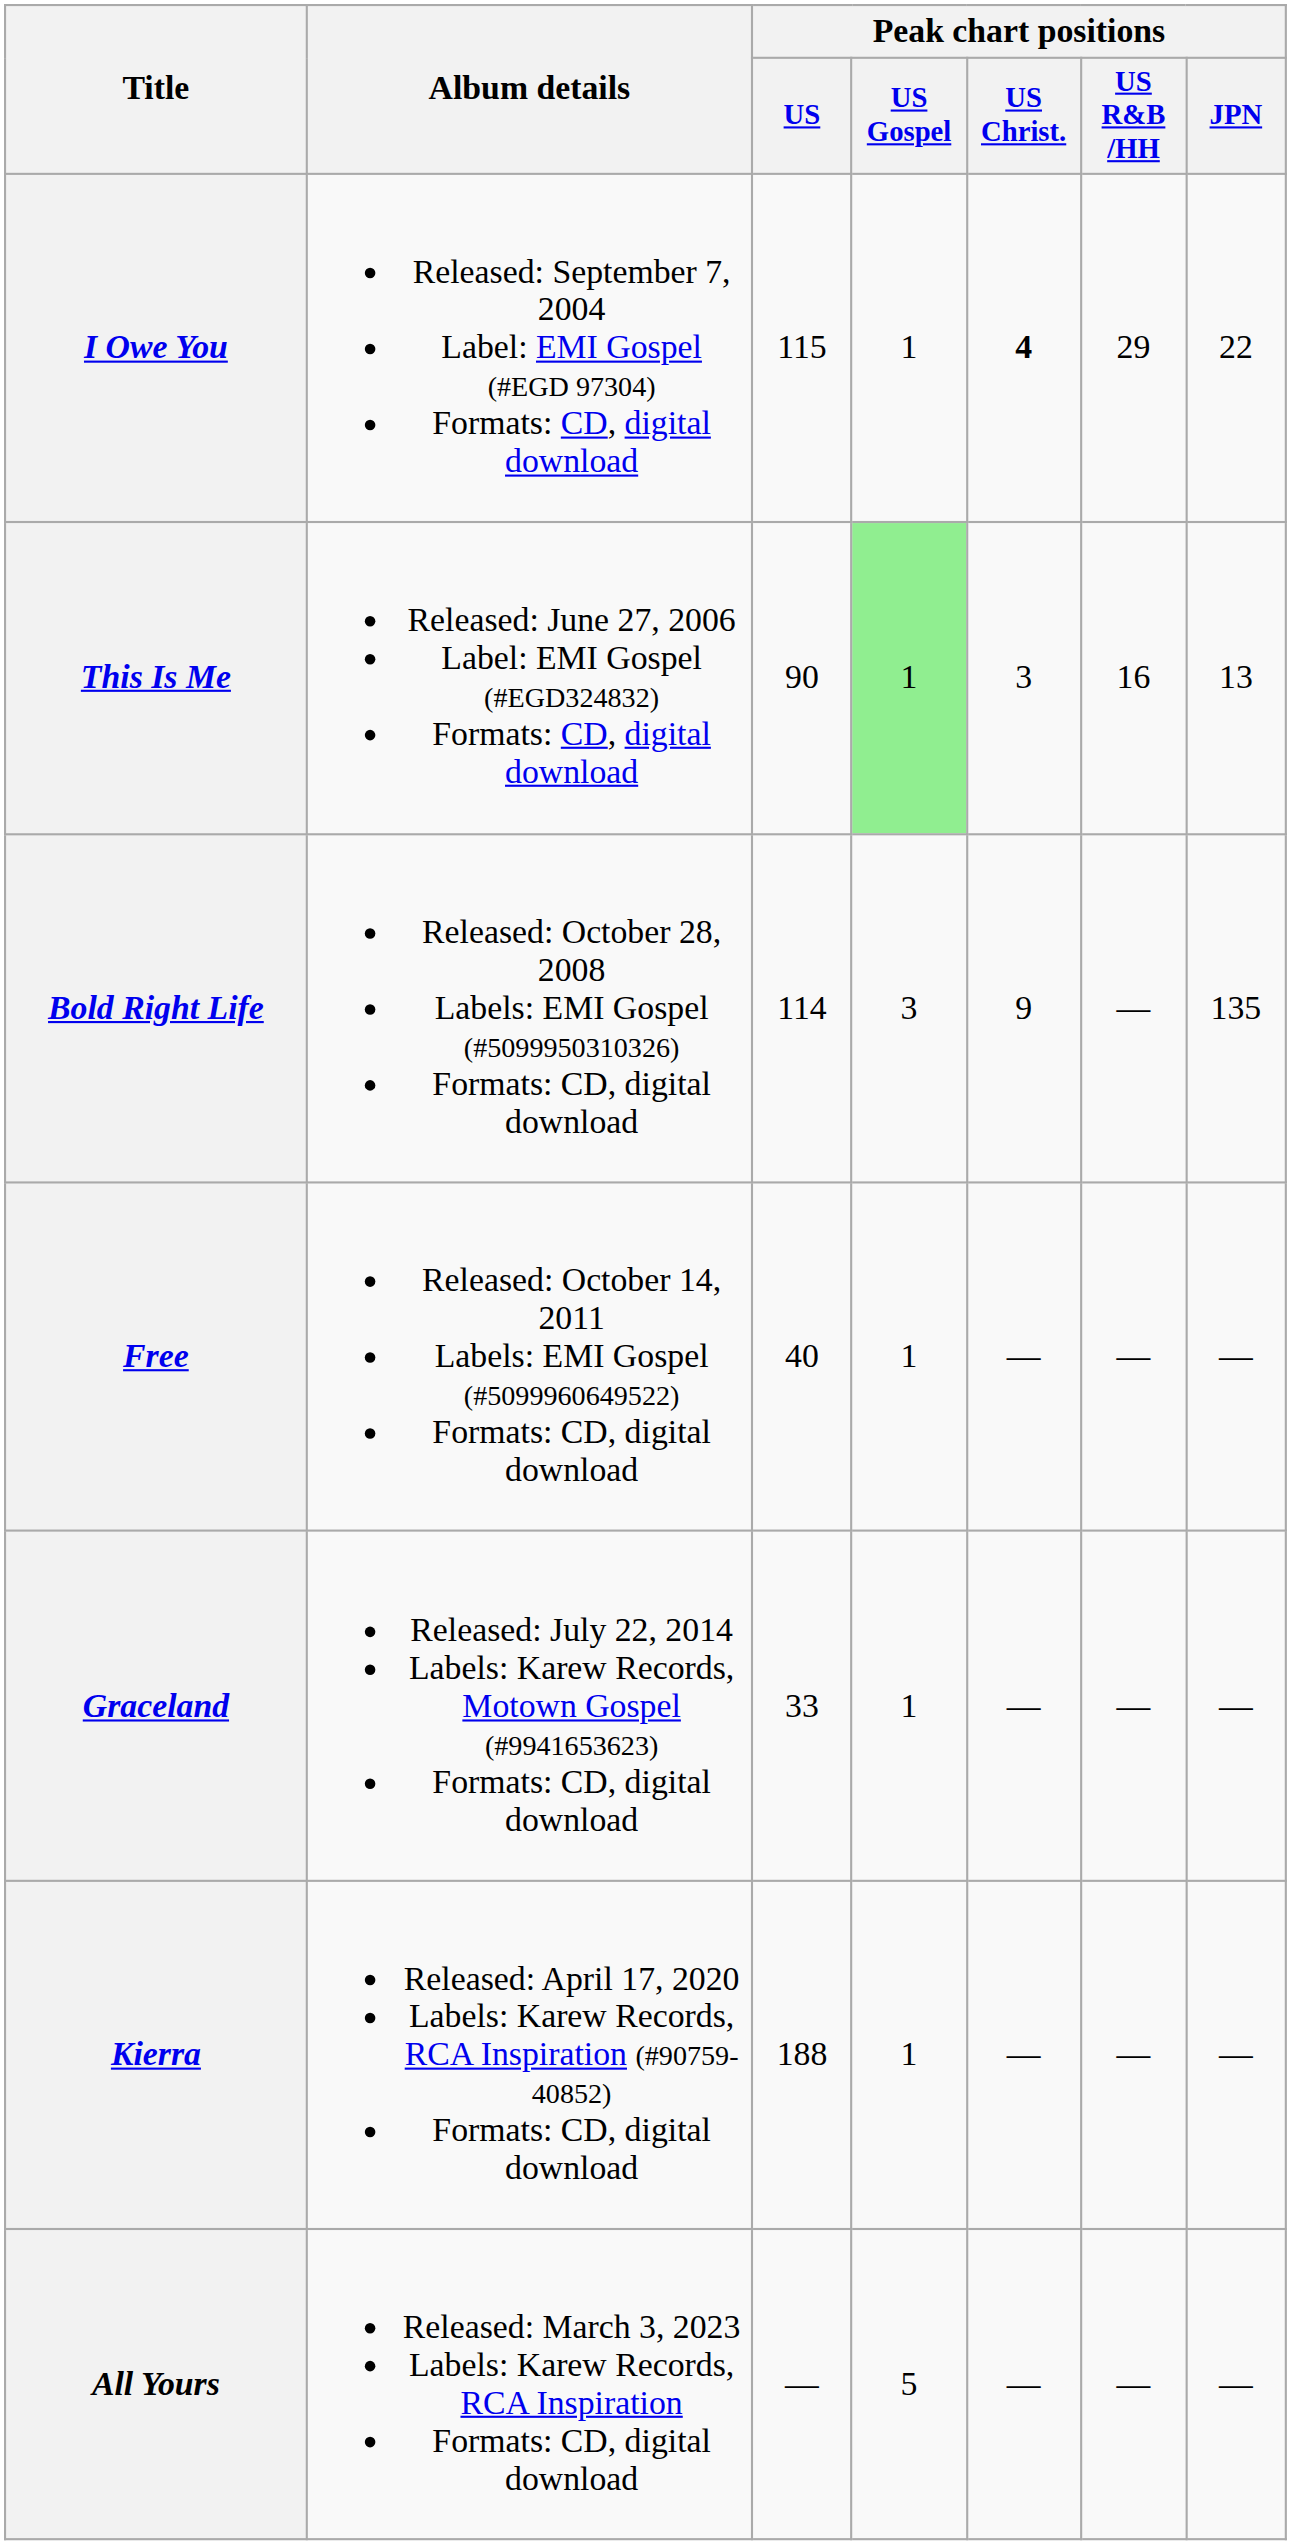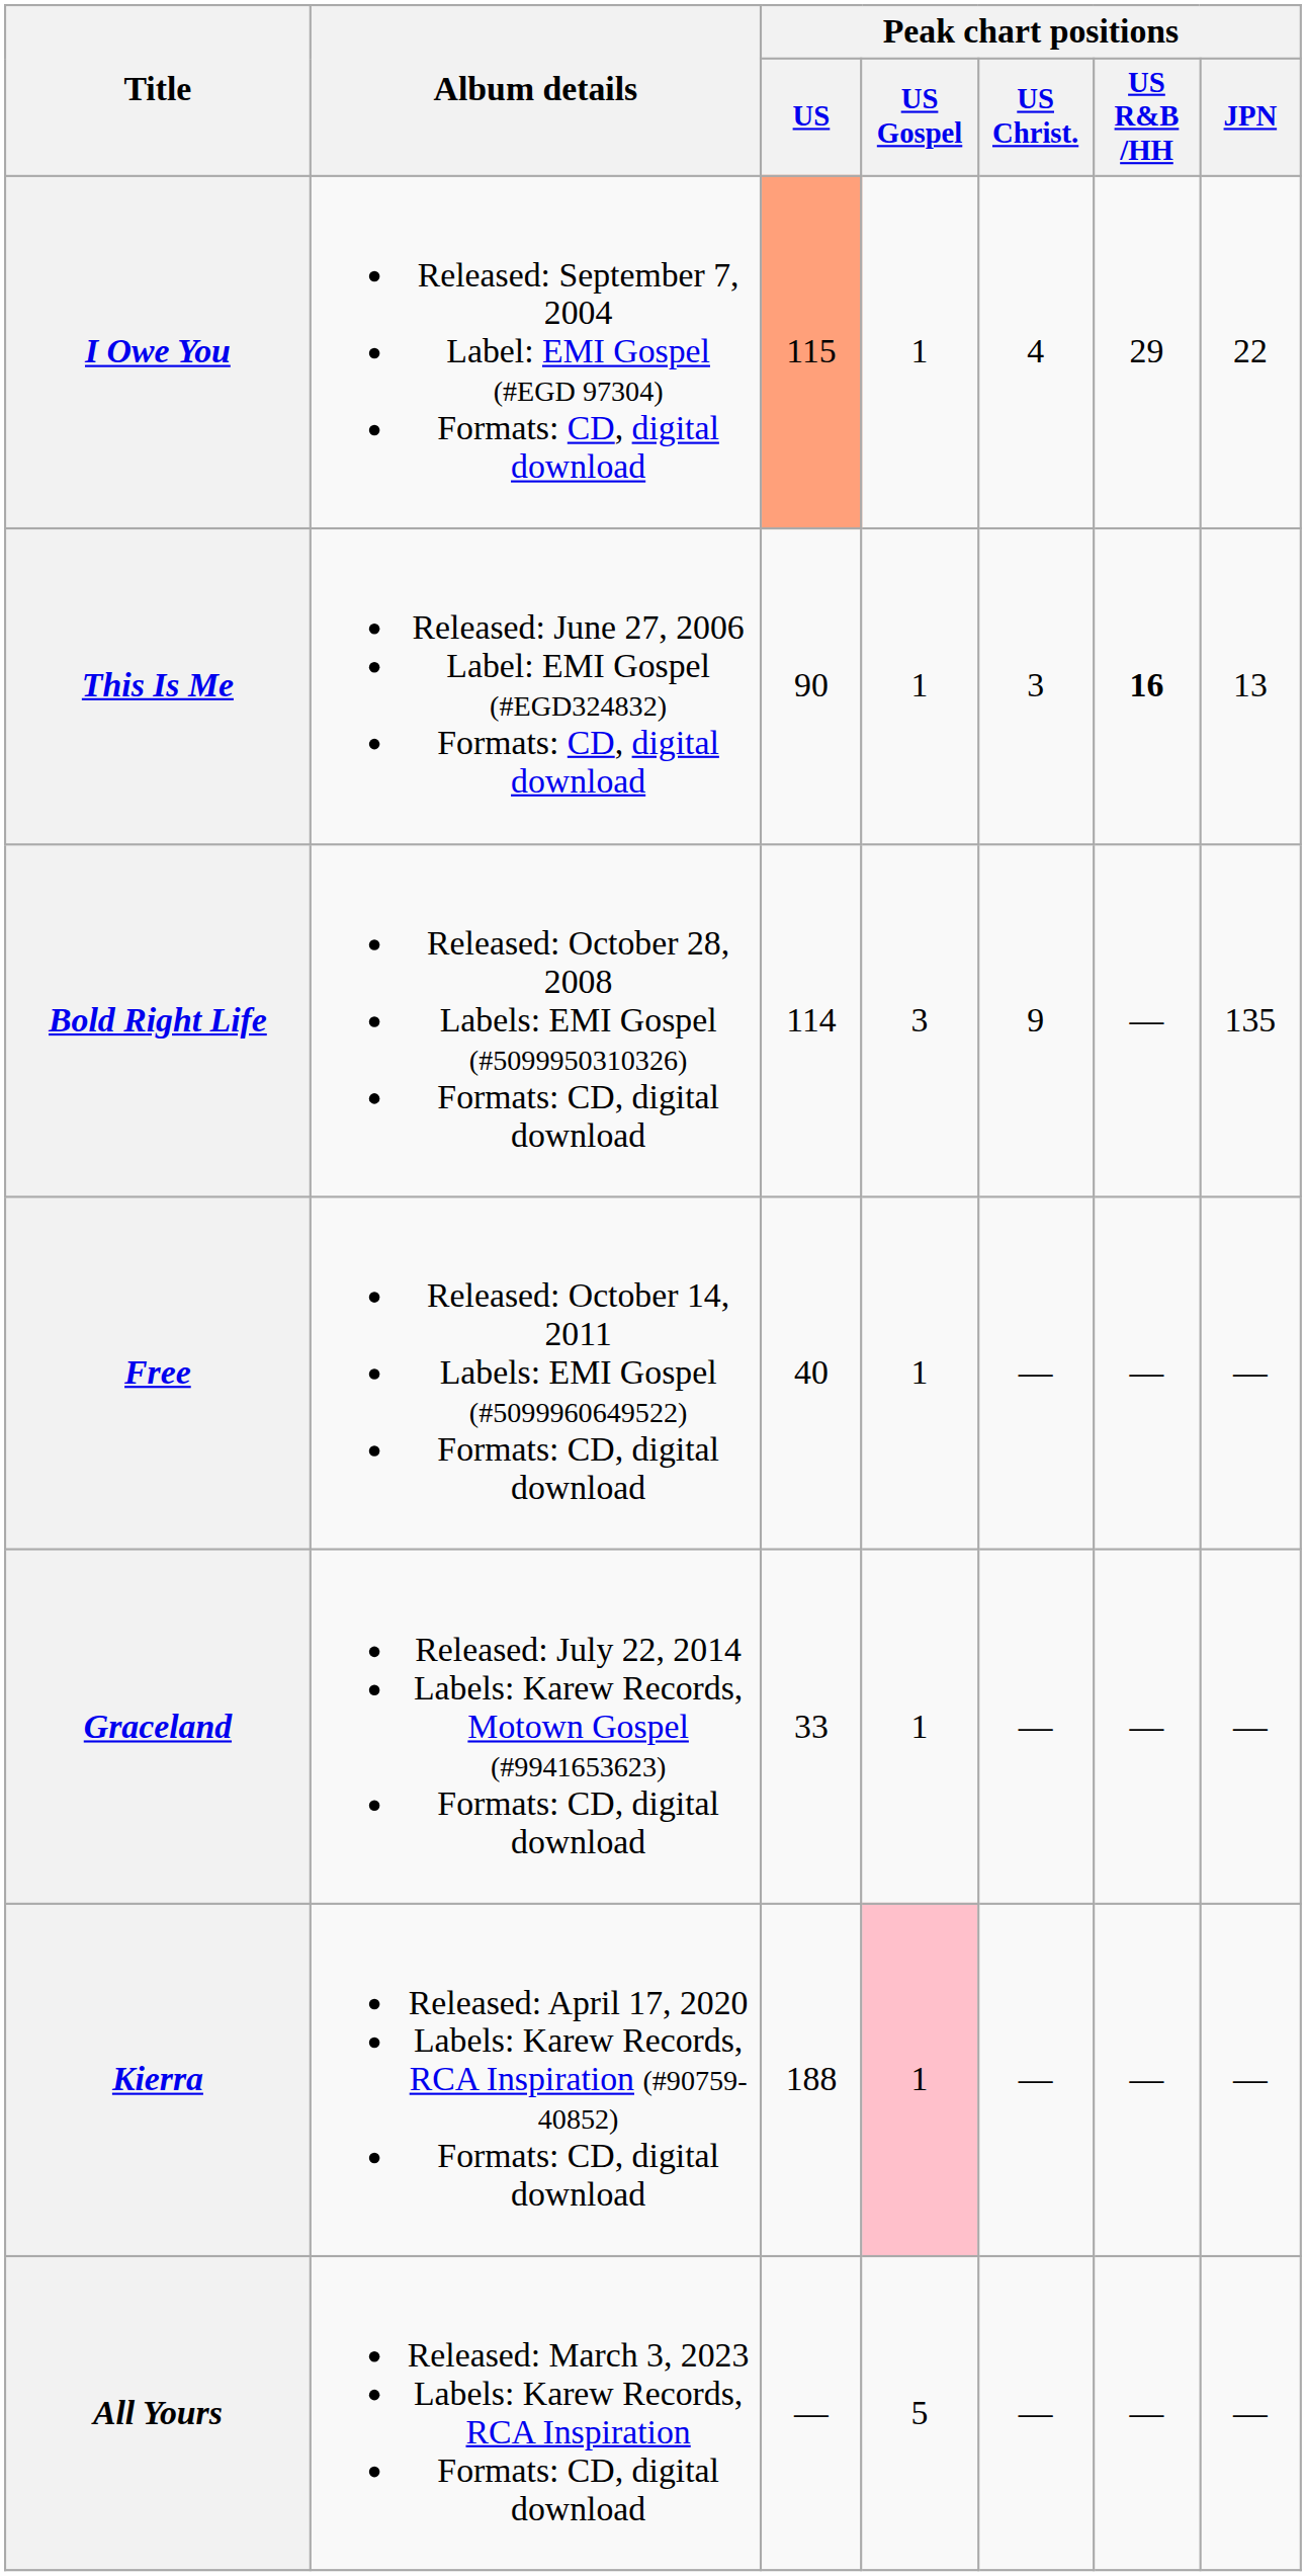 <table class="wikitable plainrowheaders" style="text-align:center;" border="1">
 <tr>
 <th scope="col" rowspan="2" style="width:12em;">Title</th>
 <th scope="col" rowspan="2" style="width:16em;">Album details</th>
 <th scope="col" colspan="5">Peak chart positions</th>
 </tr>
 <tr>
 <th scope="col" style="width:4em;font-size:85%;"><a href='#'>US</a><br></th>
 <th scope="col" style="width:4em;font-size:85%;"><a href='#'>US<br>Gospel</a><br></th>
 <th scope="col" style="width:4em;font-size:85%;"><a href='#'>US<br>Christ.</a><br></th>
 <th scope="col" style="width:4em;font-size:85%;"><a href='#'>US<br>R&B<br>/HH</a><br></th>
 <th scope="col" style="width:4em;font-size:85%;"><a href='#'>JPN</a><br></th>
 </tr>
 <tr>
 <th scope="row"><em><a href='#'>I Owe You</a></em></th>
 <td><br><ul><li>Released: September 7, 2004</li><li>Label: <a href='#'>EMI Gospel</a> <small>(#EGD 97304)</small></li><li>Formats: <a href='#'>CD</a>, <a href='#'>digital download</a></li></ul></td>
-<td>115</td>
+<td style="background: lightsalmon;">115</td>
 <td>1</td>
-<td><strong>4</strong></td>
+<td>4</td>
 <td>29</td>
 <td>22</td>
 </tr>
 <tr>
 <th scope="row"><em><a href='#'>This Is Me</a></em></th>
 <td><br><ul><li>Released: June 27, 2006</li><li>Label: EMI Gospel <small>(#EGD324832)</small></li><li>Formats: <a href='#'>CD</a>, <a href='#'>digital download</a></li></ul></td>
 <td>90</td>
-<td style="background: lightgreen;">1</td>
+<td>1</td>
 <td>3</td>
-<td>16</td>
+<td><strong>16</strong></td>
 <td>13</td>
 </tr>
 <tr>
 <th scope="row"><em><a href='#'>Bold Right Life</a></em></th>
 <td><br><ul><li>Released: October 28, 2008</li><li>Labels: EMI Gospel <small>(#5099950310326)</small></li><li>Formats: CD, digital download</li></ul></td>
 <td>114</td>
 <td>3</td>
 <td>9</td>
 <td>—</td>
 <td>135</td>
 </tr>
 <tr>
 <th scope="row"><em><a href='#'>Free</a></em></th>
 <td><br><ul><li>Released: October 14, 2011</li><li>Labels: EMI Gospel <small>(#5099960649522)</small></li><li>Formats: CD, digital download</li></ul></td>
 <td>40</td>
 <td>1</td>
 <td>—</td>
 <td>—</td>
 <td>—</td>
 </tr>
 <tr>
 <th scope="row"><em><a href='#'>Graceland</a></em></th>
 <td><br><ul><li>Released: July 22, 2014</li><li>Labels: Karew Records, <a href='#'>Motown Gospel</a> <small>(#9941653623)</small></li><li>Formats: CD, digital download</li></ul></td>
 <td>33</td>
 <td>1</td>
 <td>—</td>
 <td>—</td>
 <td>—</td>
 </tr>
 <tr>
 <th scope="row"><em><a href='#'>Kierra</a></em></th>
 <td><br><ul><li>Released: April 17, 2020</li><li>Labels: Karew Records, <a href='#'>RCA Inspiration</a> <small>(#90759-40852)</small></li><li>Formats: CD, digital download</li></ul></td>
 <td>188</td>
-<td>1</td>
+<td style="background: pink;">1</td>
 <td>—</td>
 <td>—</td>
 <td>—</td>
 </tr>
 <tr>
 <th scope="row"><em>All Yours</em></th>
 <td><br><ul><li>Released: March 3, 2023</li><li>Labels: Karew Records, <a href='#'>RCA Inspiration</a></li><li>Formats: CD, digital download</li></ul></td>
 <td>—</td>
 <td>5</td>
 <td>—</td>
 <td>—</td>
 <td>—</td>
 </tr>
 </table>
